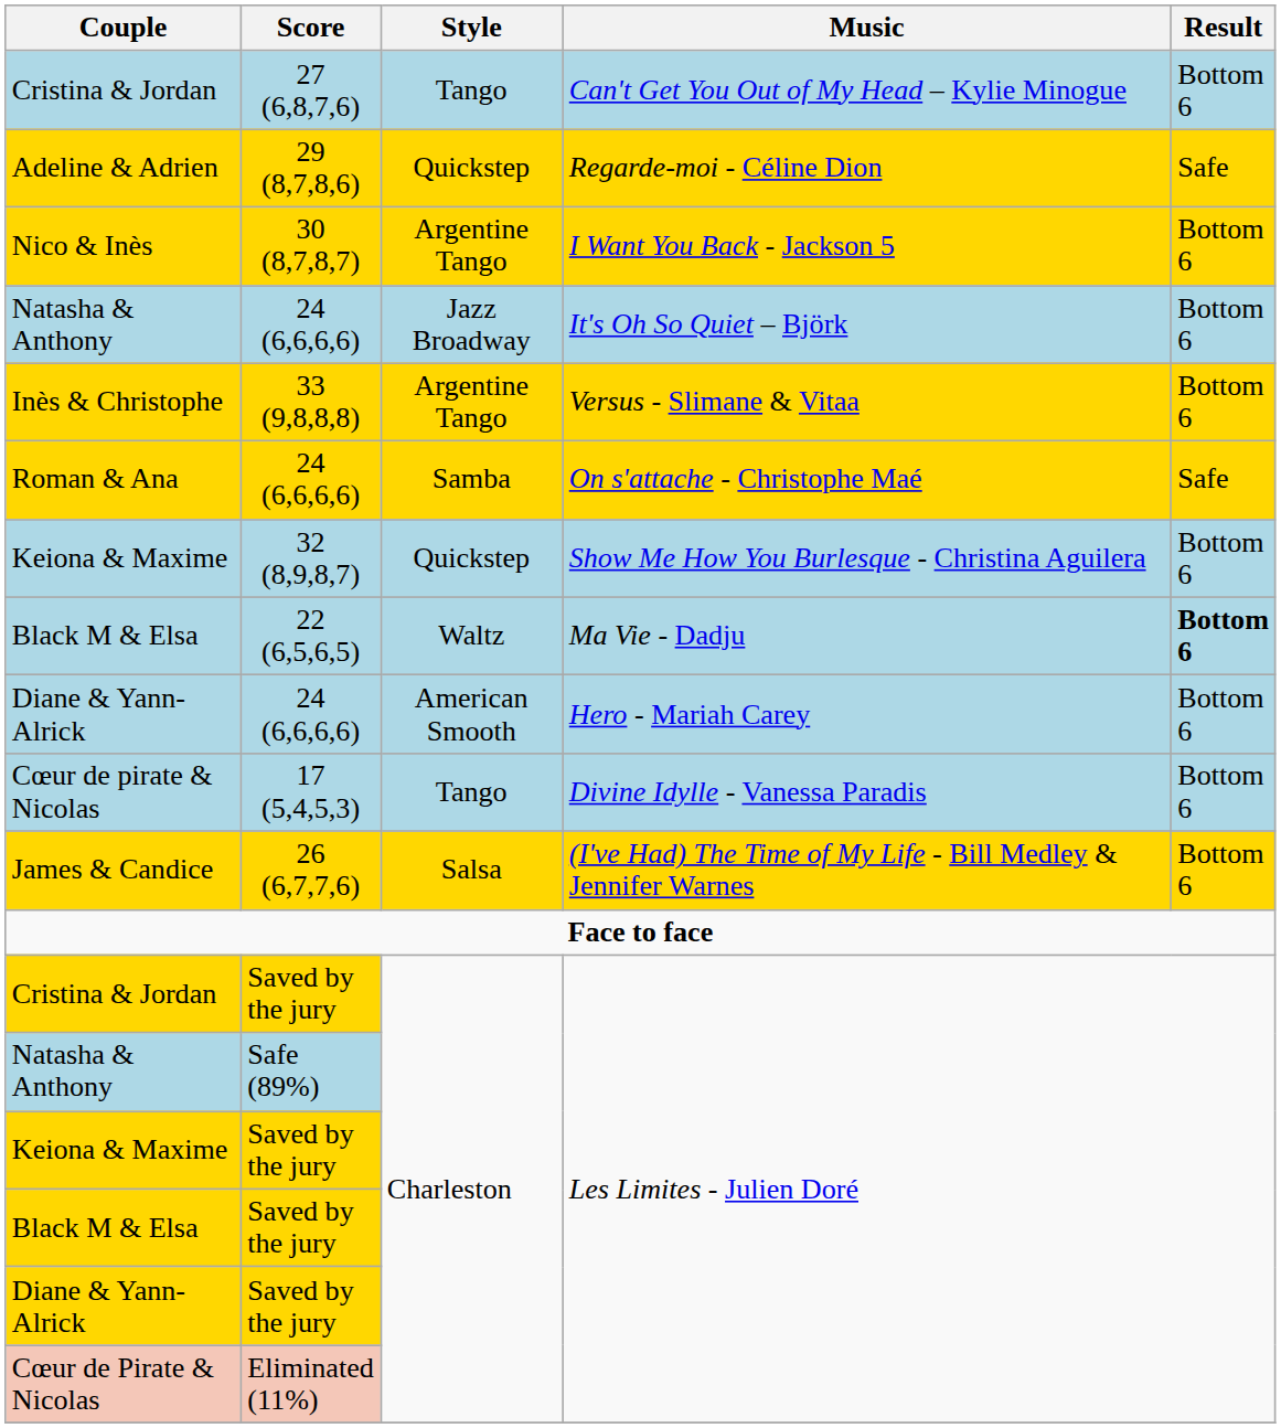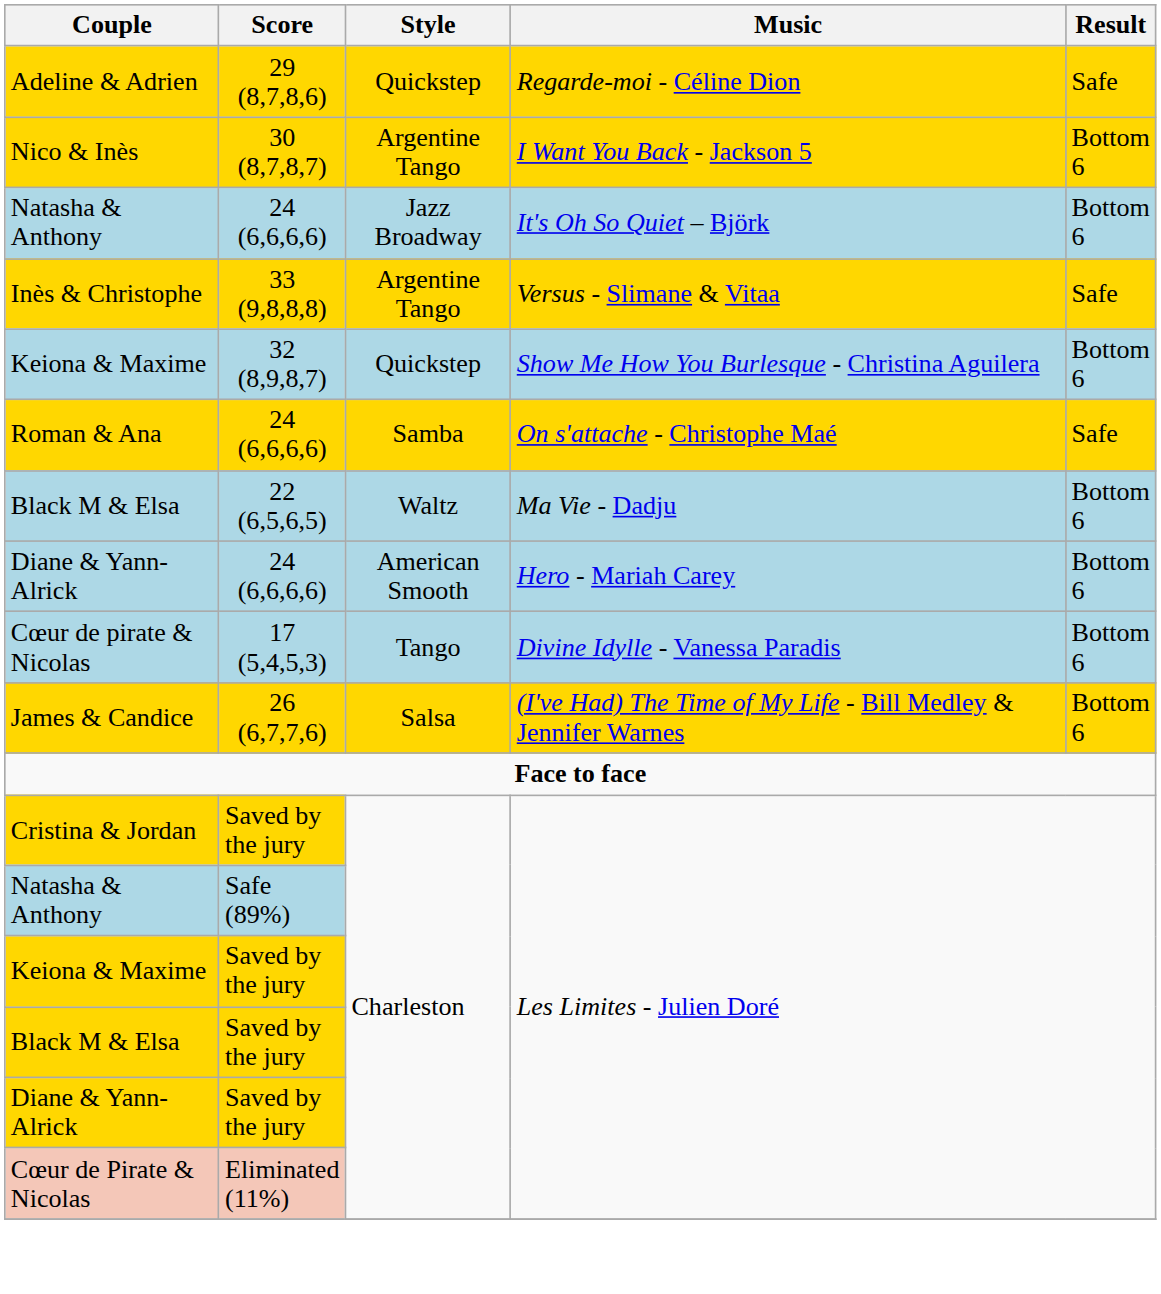 <table class="wikitable" style="width:80%;">
 <tr>
 <th style="width:20%;">Couple</th>
 <th style="width:10%;">Score</th>
 <th style="width:15%;">Style</th>
 <th style="width:60%;">Music</th>
 <th style="width:60%;">Result</th>
-</tr>
-<tr style="background:lightblue;">
-<td>Cristina & Jordan</td>
-<td style="text-align:center;">27 (6,8,7,6)</td>
-<td style="text-align:center;">Tango</td>
-<td><em><a href='#'>Can't Get You Out of My Head</a></em> – <a href='#'>Kylie Minogue</a></td>
-<td>Bottom 6</td>
 </tr>
 <tr style="background:gold;">
 <td>Adeline & Adrien</td>
 <td style="text-align:center;">29 (8,7,8,6)</td>
 <td style="text-align:center;">Quickstep</td>
 <td><em>Regarde-moi</em> - <a href='#'>Céline Dion</a></td>
 <td>Safe</td>
 </tr>
 <tr style="background:gold;">
 <td>Nico & Inès</td>
 <td style="text-align:center;">30 (8,7,8,7)</td>
 <td style="text-align:center;">Argentine Tango</td>
 <td><em><a href='#'>I Want You Back</a></em> - <a href='#'>Jackson 5</a></td>
 <td>Bottom 6</td>
 </tr>
 <tr style="background:lightblue;">
 <td>Natasha & Anthony</td>
 <td style="text-align:center;">24 (6,6,6,6)</td>
 <td style="text-align:center;">Jazz Broadway</td>
 <td><em><a href='#'>It's Oh So Quiet</a></em> – <a href='#'>Björk</a></td>
 <td>Bottom 6</td>
 </tr>
 <tr style="background:gold;">
 <td>Inès & Christophe</td>
 <td style="text-align:center;">33 (9,8,8,8)</td>
 <td style="text-align:center;">Argentine Tango</td>
 <td><em>Versus</em> - <a href='#'>Slimane</a> & <a href='#'>Vitaa</a></td>
+<td>Safe</td>
+</tr>
+<tr style="background:lightblue;">
+<td>Keiona & Maxime</td>
+<td style="text-align:center;">32 (8,9,8,7)</td>
+<td style="text-align:center;">Quickstep</td>
+<td><em><a href='#'>Show Me How You Burlesque</a></em> - <a href='#'>Christina Aguilera</a></td>
 <td>Bottom 6</td>
 </tr>
 <tr style="background:gold;">
 <td>Roman & Ana</td>
 <td style="text-align:center;">24 (6,6,6,6)</td>
 <td style="text-align:center;">Samba</td>
 <td><em><a href='#'>On s'attache</a></em> - <a href='#'>Christophe Maé</a></td>
 <td>Safe</td>
 </tr>
 <tr style="background:lightblue;">
-<td>Keiona & Maxime</td>
-<td style="text-align:center;">32 (8,9,8,7)</td>
-<td style="text-align:center;">Quickstep</td>
-<td><em><a href='#'>Show Me How You Burlesque</a></em> - <a href='#'>Christina Aguilera</a></td>
-<td>Bottom 6</td>
-</tr>
-<tr style="background:lightblue;">
 <td>Black M & Elsa</td>
 <td style="text-align:center;">22 (6,5,6,5)</td>
 <td style="text-align:center;">Waltz</td>
 <td><em>Ma Vie</em> - <a href='#'>Dadju</a></td>
-<td><strong>Bottom 6</strong></td>
+<td>Bottom 6</td>
 </tr>
 <tr style="background:lightblue;">
 <td>Diane & Yann-Alrick</td>
 <td style="text-align:center;">24 (6,6,6,6)</td>
 <td style="text-align:center;">American Smooth</td>
 <td><em><a href='#'>Hero</a></em> - <a href='#'>Mariah Carey</a></td>
 <td>Bottom 6</td>
 </tr>
 <tr style="background:lightblue;">
 <td>Cœur de pirate & Nicolas</td>
 <td style="text-align:center;">17 (5,4,5,3)</td>
 <td style="text-align:center;">Tango</td>
 <td><em><a href='#'>Divine Idylle</a></em> - <a href='#'>Vanessa Paradis</a></td>
 <td>Bottom 6</td>
 </tr>
 <tr style="background:gold;">
 <td>James & Candice</td>
 <td style="text-align:center;">26 (6,7,7,6)</td>
 <td style="text-align:center;">Salsa</td>
 <td><em><a href='#'>(I've Had) The Time of My Life</a></em> - <a href='#'>Bill Medley</a> & <a href='#'>Jennifer Warnes</a></td>
 <td>Bottom 6</td>
 </tr>
 <tr>
 <td colspan=5 style="text-align:center;"><strong>Face to face</strong></td>
 </tr>
 <tr>
 <td bgcolor="gold">Cristina & Jordan</td>
 <td bgcolor="gold">Saved by the jury</td>
 <td rowspan=6>Charleston</td>
 <td colspan=2 rowspan=6><em>Les Limites</em> - <a href='#'>Julien Doré</a></td>
 </tr>
 <tr style="background:lightblue;">
 <td>Natasha & Anthony</td>
 <td>Safe (89%)</td>
 </tr>
 <tr style="background:gold;">
 <td>Keiona & Maxime</td>
 <td style="background:gold;">Saved by the jury</td>
 </tr>
 <tr style="background:gold;">
 <td>Black M & Elsa</td>
 <td style="background:gold;">Saved by the jury</td>
 </tr>
 <tr style="background:gold;">
 <td>Diane & Yann-Alrick</td>
 <td style="background:gold;">Saved by the jury</td>
 </tr>
 <tr style="background:#f4c7b8;">
 <td>Cœur de Pirate & Nicolas</td>
 <td>Eliminated (11%)</td>
 </tr>
 <tr>
 </tr>
 </table>
